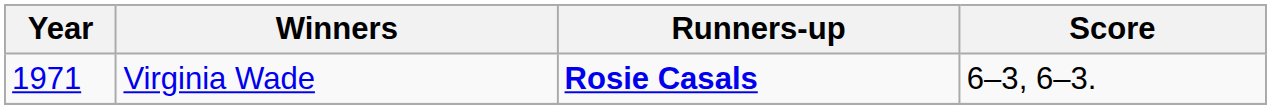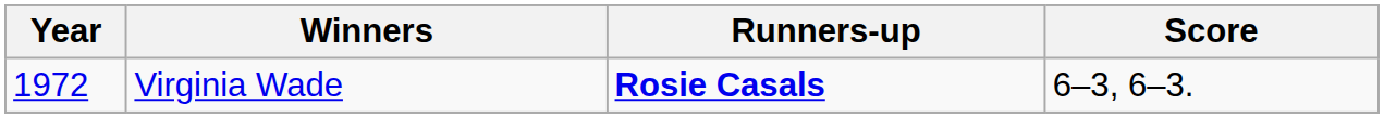 <table class="wikitable">
 <tr>
 <th style="width:50px">Year</th>
 <th style="width:220px">Winners</th>
 <th style="width:200px">Runners-up</th>
 <th style="width:150px" class="unsortable">Score</th>
 </tr>
 <tr>
-<td><a href='#'>1971</a></td>
+<td><a href='#'>1972</a></td>
 <td> <a href='#'>Virginia Wade</a></td>
 <td><strong> <a href='#'>Rosie Casals</a></strong></td>
 <td>6–3, 6–3.</td>
 </tr>
 <tr>
 </tr>
 </table>
